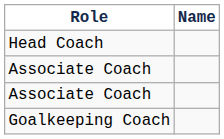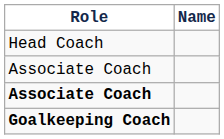 <table class="wikitable sortable">
 <tr>
 <th style="background:#FFFFFF; color:#14284B;" scope="col">Role</th>
 <th style="background:#FFFFFF; color:#14284B;" scope="col">Name</th>
 </tr>
 <tr>
 <td>Head Coach</td>
 <td> </td>
 </tr>
 <tr>
 <td>Associate Coach</td>
 <td> </td>
 </tr>
 <tr>
-<td>Associate Coach</td>
+<td><strong>Associate Coach</strong></td>
 <td> </td>
 </tr>
 <tr>
-<td>Goalkeeping Coach</td>
+<td><strong>Goalkeeping Coach</strong></td>
 <td> </td>
 </tr>
 </table>
